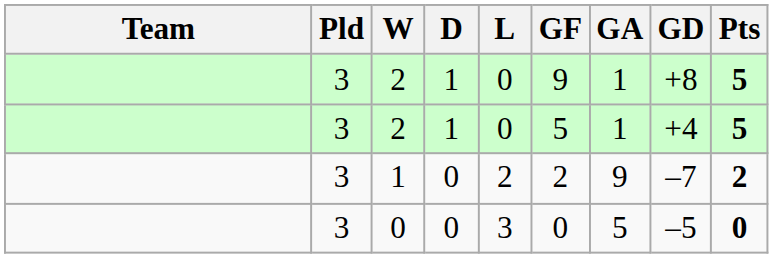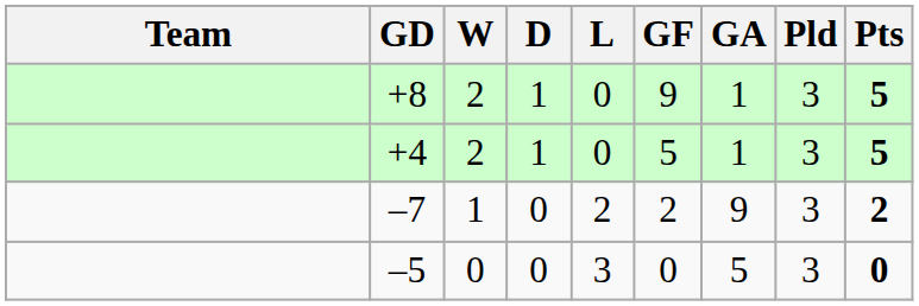 <table class="wikitable" style="text-align:center;">
 <tr>
 <th width=150>Team</th>
-<th width=20>Pld</th>
+<th width=20>GD</th>
 <th width=20>W</th>
 <th width=20>D</th>
 <th width=20>L</th>
 <th width=20>GF</th>
 <th width=20>GA</th>
-<th width=20>GD</th>
+<th width=20>Pld</th>
 <th width=20>Pts</th>
 </tr>
 <tr bgcolor="#ccffcc">
 <td align="left"></td>
-<td>3</td>
+<td>+8</td>
 <td>2</td>
 <td>1</td>
 <td>0</td>
 <td>9</td>
 <td>1</td>
-<td>+8</td>
+<td>3</td>
 <td><strong>5</strong></td>
 </tr>
 <tr bgcolor="#ccffcc">
 <td align="left"></td>
-<td>3</td>
+<td>+4</td>
 <td>2</td>
 <td>1</td>
 <td>0</td>
 <td>5</td>
 <td>1</td>
-<td>+4</td>
+<td>3</td>
 <td><strong>5</strong></td>
 </tr>
 <tr>
 <td align="left"></td>
-<td>3</td>
+<td>–7</td>
 <td>1</td>
 <td>0</td>
 <td>2</td>
 <td>2</td>
 <td>9</td>
-<td>–7</td>
+<td>3</td>
 <td><strong>2</strong></td>
 </tr>
 <tr>
 <td align="left"></td>
-<td>3</td>
+<td>–5</td>
 <td>0</td>
 <td>0</td>
 <td>3</td>
 <td>0</td>
 <td>5</td>
-<td>–5</td>
+<td>3</td>
 <td><strong>0</strong></td>
 </tr>
 </table>
